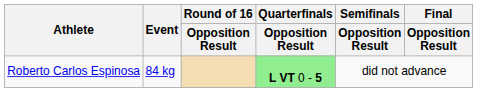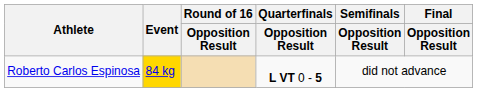 <table class="wikitable" border="1" style="font-size:90%">
 <tr>
 <th rowspan=2>Athlete</th>
 <th rowspan=2>Event</th>
 <th>Round of 16</th>
 <th>Quarterfinals</th>
 <th>Semifinals</th>
 <th>Final</th>
 </tr>
 <tr>
 <th>Opposition<br>Result</th>
 <th>Opposition<br>Result</th>
 <th>Opposition<br>Result</th>
 <th>Opposition<br>Result</th>
 </tr>
 <tr>
 <td><a href='#'>Roberto Carlos Espinosa</a></td>
-<td><a href='#'>84 kg</a></td>
+<td style="background: gold;"><a href='#'>84 kg</a></td>
 <td bgcolor=wheat></td>
-<td align=center style="background: lightgreen;"><br><strong>L VT</strong> 0 - <strong>5</strong></td>
+<td align=center><br><strong>L VT</strong> 0 - <strong>5</strong></td>
 <td align=center colspan="7">did not advance</td>
 </tr>
 </table>
